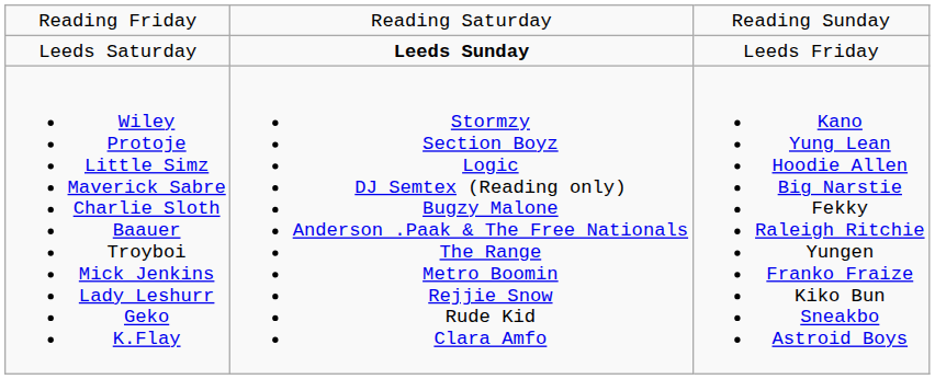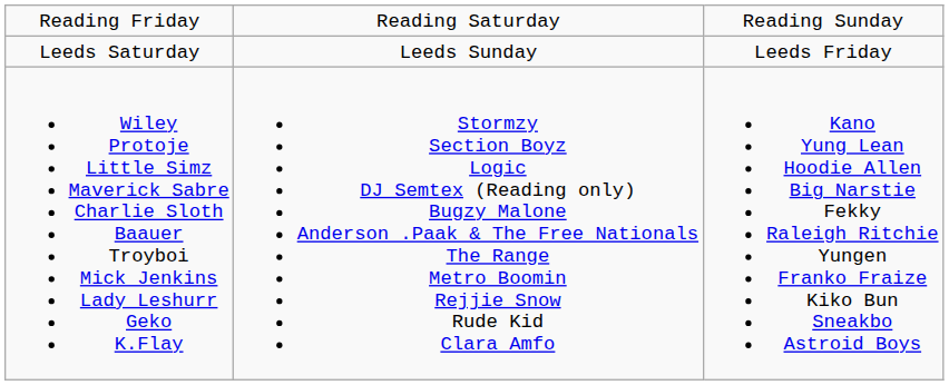 <table class="wikitable" style="text-align:center;">
 <tr>
 <td>Reading Friday</td>
 <td>Reading Saturday</td>
 <td>Reading Sunday</td>
 </tr>
 <tr>
 <td>Leeds Saturday</td>
-<td><strong>Leeds Sunday</strong></td>
+<td>Leeds Sunday</td>
 <td>Leeds Friday</td>
 </tr>
 <tr>
 <td><br><ul><li><a href='#'>Wiley</a></li><li><a href='#'>Protoje</a></li><li><a href='#'>Little Simz</a></li><li><a href='#'>Maverick Sabre</a></li><li><a href='#'>Charlie Sloth</a></li><li><a href='#'>Baauer</a></li><li>Troyboi</li><li><a href='#'>Mick Jenkins</a></li><li><a href='#'>Lady Leshurr</a></li><li><a href='#'>Geko</a></li><li><a href='#'>K.Flay</a></li></ul></td>
 <td><br><ul><li><a href='#'>Stormzy</a></li><li><a href='#'>Section Boyz</a></li><li><a href='#'>Logic</a></li><li><a href='#'>DJ Semtex</a> (Reading only)</li><li><a href='#'>Bugzy Malone</a></li><li><a href='#'>Anderson .Paak & The Free Nationals</a></li><li><a href='#'>The Range</a></li><li><a href='#'>Metro Boomin</a></li><li><a href='#'>Rejjie Snow</a></li><li>Rude Kid</li><li><a href='#'>Clara Amfo</a></li></ul></td>
 <td><br><ul><li><a href='#'>Kano</a></li><li><a href='#'>Yung Lean</a></li><li><a href='#'>Hoodie Allen</a></li><li><a href='#'>Big Narstie</a></li><li>Fekky</li><li><a href='#'>Raleigh Ritchie</a></li><li>Yungen</li><li><a href='#'>Franko Fraize</a></li><li>Kiko Bun</li><li><a href='#'>Sneakbo</a></li><li><a href='#'>Astroid Boys</a></li></ul></td>
 </tr>
 </table>
